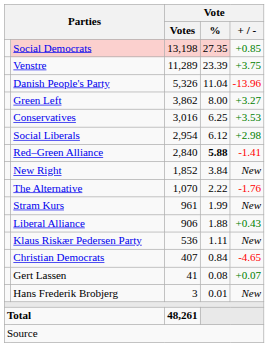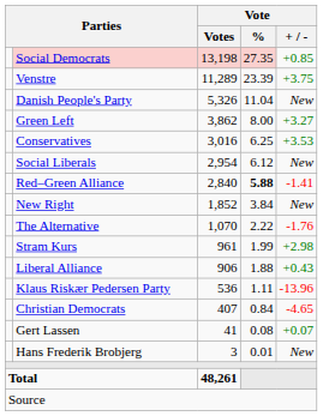 <table class="wikitable" style="text-align:right;">
 <tr>
 <th style="text-align:centre;" rowspan="2" colspan="2" width="225">Parties</th>
 <th colspan="3">Vote</th>
 </tr>
 <tr>
 <th width="15">Votes</th>
 <th width="15">%</th>
 <th width="15">+ / -</th>
 </tr>
 <tr>
 <td width="2" style="color:inherit;background:"></td>
 <td bgcolor=#fbd0ce  align="left"><a href='#'>Social Democrats</a></td>
 <td bgcolor=#fbd0ce>13,198</td>
 <td bgcolor=#fbd0ce>27.35</td>
 <td style=color:green;>+0.85</td>
 </tr>
 <tr>
 <td width="2" style="color:inherit;background:"></td>
 <td align="left"><a href='#'>Venstre</a></td>
 <td>11,289</td>
 <td>23.39</td>
 <td style=color:green;>+3.75</td>
 </tr>
 <tr>
 <td width="2" style="color:inherit;background:"></td>
 <td align="left"><a href='#'>Danish People's Party</a></td>
 <td>5,326</td>
 <td>11.04</td>
-<td style=color:red;>-13.96</td>
+<td><em>New</em></td>
 </tr>
 <tr>
 <td width="2" style="color:inherit;background:"></td>
 <td align="left"><a href='#'>Green Left</a></td>
 <td>3,862</td>
 <td>8.00</td>
 <td style=color:green;>+3.27</td>
 </tr>
 <tr>
 <td width="2" style="color:inherit;background:"></td>
 <td align="left"><a href='#'>Conservatives</a></td>
 <td>3,016</td>
 <td>6.25</td>
 <td style=color:green;>+3.53</td>
 </tr>
 <tr>
 <td width="2" style="color:inherit;background:"></td>
 <td align="left"><a href='#'>Social Liberals</a></td>
 <td>2,954</td>
 <td>6.12</td>
-<td style=color:green;>+2.98</td>
+<td><em>New</em></td>
 </tr>
 <tr>
 <td width="2" style="color:inherit;background:"></td>
 <td align="left"><a href='#'>Red–Green Alliance</a></td>
 <td>2,840</td>
 <td><strong>5.88</strong></td>
 <td style=color:red;>-1.41</td>
 </tr>
 <tr>
 <td width="2" style="color:inherit;background:"></td>
 <td align="left"><a href='#'>New Right</a></td>
 <td>1,852</td>
 <td>3.84</td>
 <td><em>New</em></td>
 </tr>
 <tr>
 <td width="2" style="color:inherit;background:"></td>
 <td align="left"><a href='#'>The Alternative</a></td>
 <td>1,070</td>
 <td>2.22</td>
 <td style=color:red;>-1.76</td>
 </tr>
 <tr>
 <td width="2" style="color:inherit;background:"></td>
 <td align="left"><a href='#'>Stram Kurs</a></td>
 <td>961</td>
 <td>1.99</td>
-<td><em>New</em></td>
+<td style=color:green;>+2.98</td>
 </tr>
 <tr>
 <td width="2" style="color:inherit;background:"></td>
 <td align="left"><a href='#'>Liberal Alliance</a></td>
 <td>906</td>
 <td>1.88</td>
 <td style=color:green;>+0.43</td>
 </tr>
 <tr>
 <td width="2" style="color:inherit;background:"></td>
 <td align="left"><a href='#'>Klaus Riskær Pedersen Party</a></td>
 <td>536</td>
 <td>1.11</td>
-<td><em>New</em></td>
+<td style=color:red;>-13.96</td>
 </tr>
 <tr>
 <td width="2" style="color:inherit;background:"></td>
 <td align="left"><a href='#'>Christian Democrats</a></td>
 <td>407</td>
 <td>0.84</td>
 <td style=color:red;>-4.65</td>
 </tr>
 <tr>
 <td width="2" style="color:inherit;background:"></td>
 <td align="left">Gert Lassen</td>
 <td>41</td>
 <td>0.08</td>
 <td style=color:green;>+0.07</td>
 </tr>
 <tr>
 <td width="2" style="color:inherit;background:"></td>
 <td align="left">Hans Frederik Brobjerg</td>
 <td>3</td>
 <td>0.01</td>
 <td><em>New</em></td>
 </tr>
 <tr>
 <td colspan="7" bgcolor="#E9E9E9"></td>
 </tr>
 <tr>
 <td align="left" colspan="2"><strong>Total</strong></td>
 <td><strong>48,261</strong></td>
 <td bgcolor="#E9E9E9" colspan="2"></td>
 </tr>
 <tr>
 <td align="left" colspan="6">Source</td>
 </tr>
 </table>
